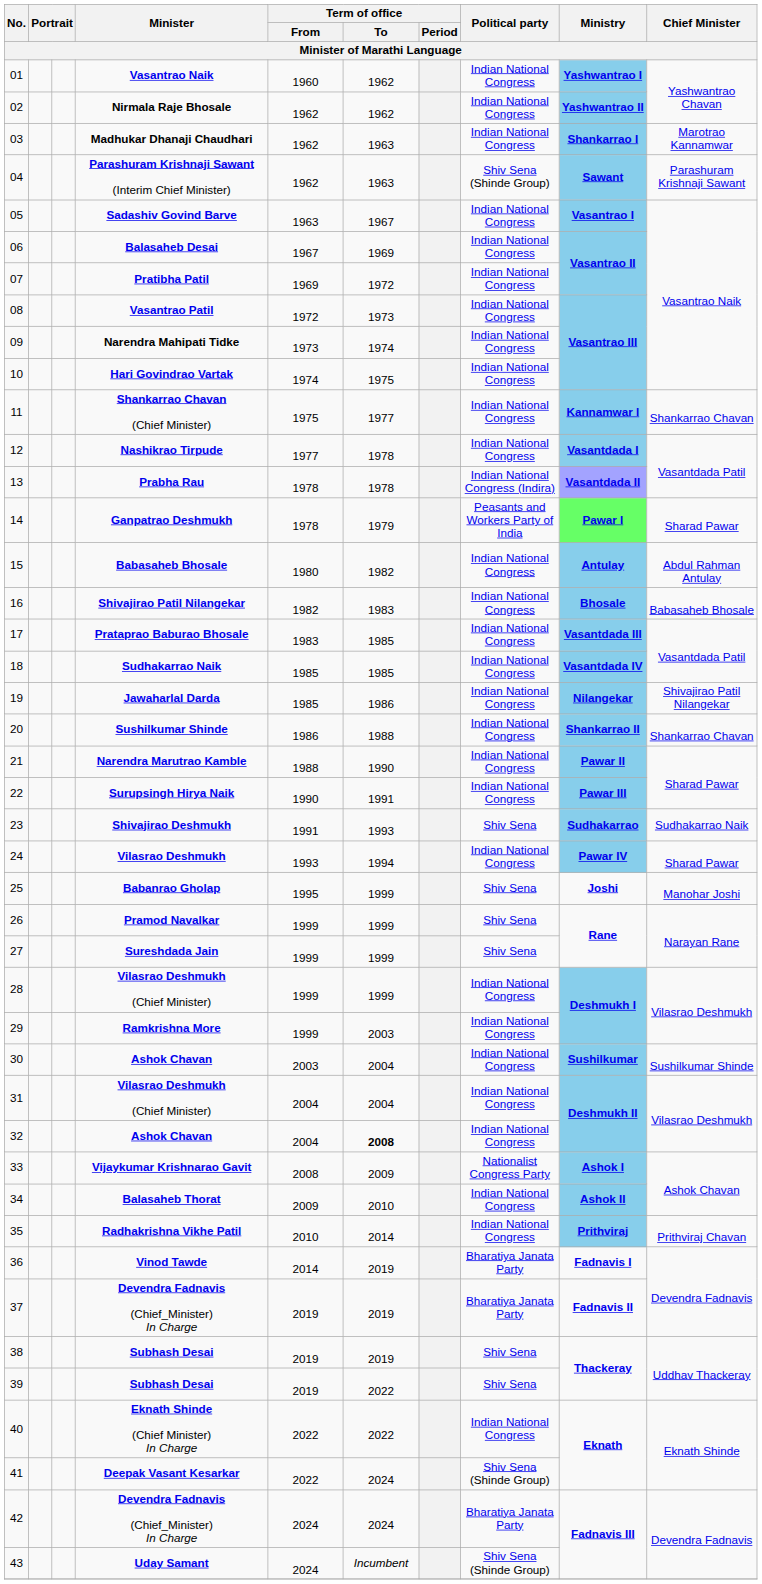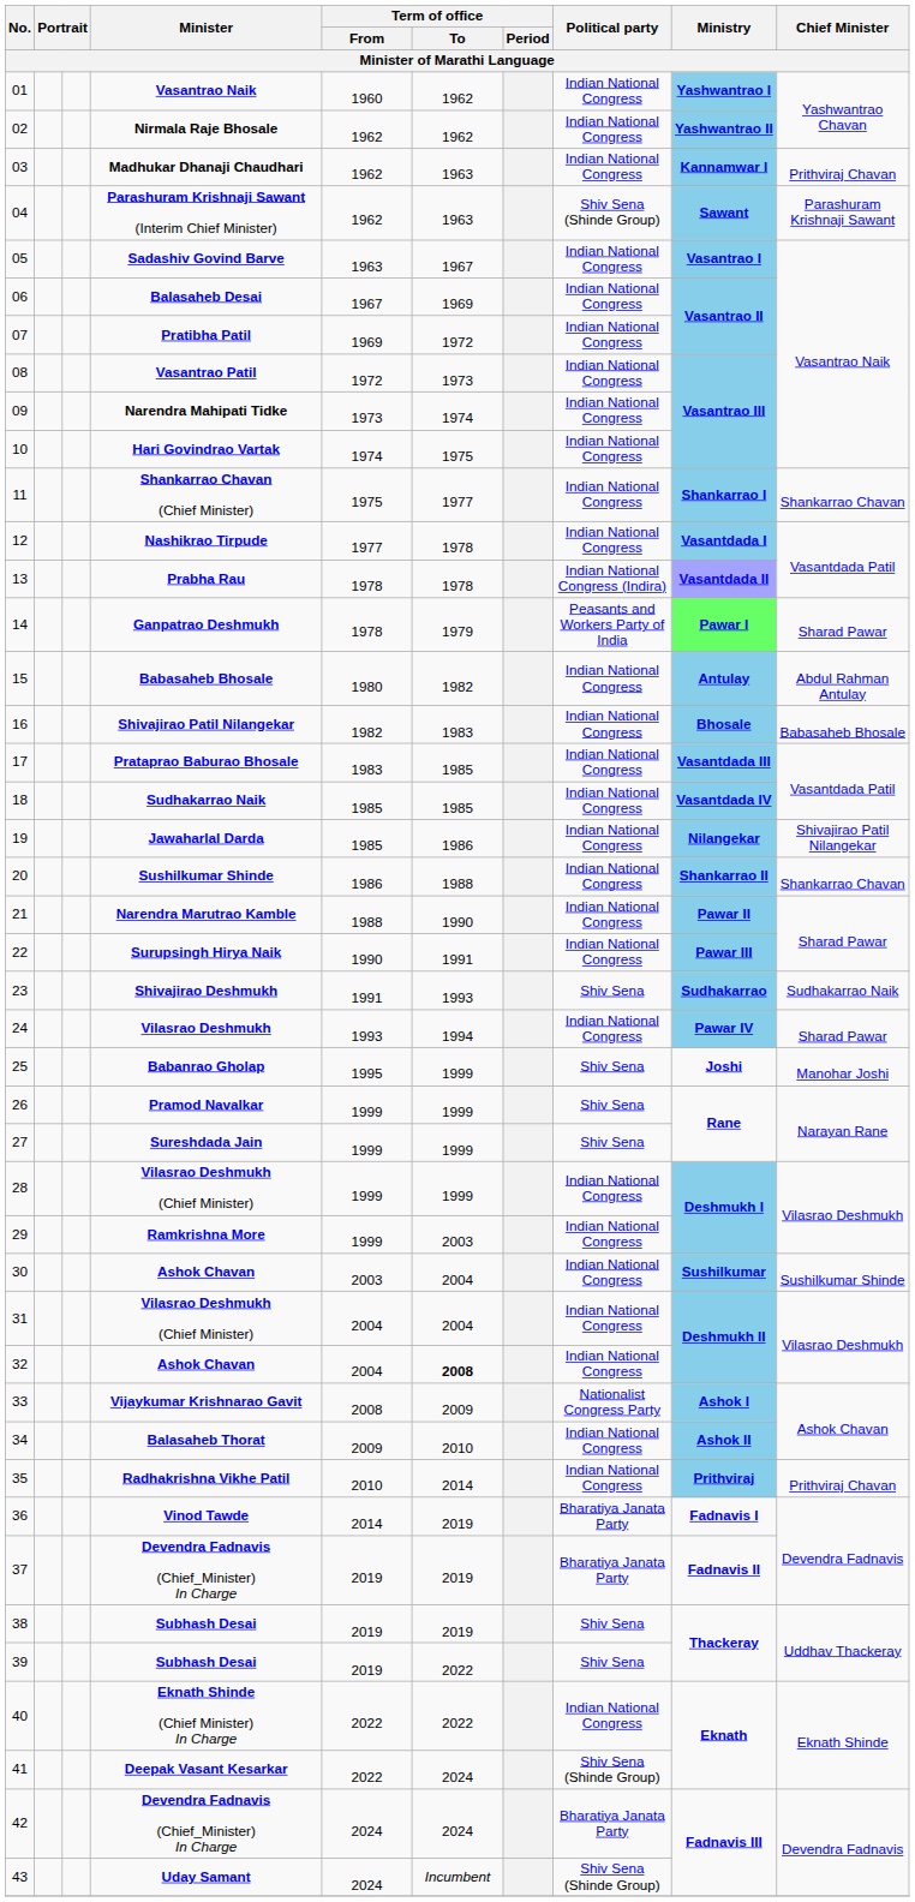 <table class="wikitable" style="text-align:center">
 <tr>
 <th rowspan="2">No.</th>
 <th rowspan="2" colspan="2">Portrait</th>
 <th rowspan="2" style="width:16em">Minister<br></th>
 <th colspan="3">Term of office</th>
 <th rowspan="2" style="width:8em">Political party</th>
 <th rowspan="2">Ministry</th>
 <th rowspan="2" style="width:9em">Chief Minister</th>
 </tr>
 <tr>
 <th style="width:6em">From</th>
 <th style="width:6em">To</th>
 <th>Period</th>
 </tr>
 <tr>
 <th colspan="10">Minister of Marathi Language</th>
 </tr>
 <tr>
 <td>01</td>
 <td></td>
 <td></td>
 <td><strong><a href='#'>Vasantrao Naik</a></strong> <br> </td>
 <td><br>1960</td>
 <td><br>1962</td>
 <th></th>
 <td><a href='#'>Indian National Congress</a></td>
 <td bgcolor="#87CEEB"><a href='#'><strong>Yashwantrao I</strong></a></td>
 <td rowspan="2"> <br><a href='#'>Yashwantrao Chavan</a></td>
 </tr>
 <tr>
 <td>02</td>
 <td></td>
 <td></td>
 <td><strong>Nirmala Raje Bhosale</strong>  <br> </td>
 <td><br>1962</td>
 <td><br>1962</td>
 <th></th>
 <td><a href='#'>Indian National Congress</a></td>
 <td bgcolor="#87CEEB"><a href='#'><strong>Yashwantrao II</strong></a></td>
 </tr>
 <tr>
 <td>03</td>
 <td></td>
 <td></td>
 <td><strong>Madhukar Dhanaji Chaudhari</strong> <br> </td>
 <td><br>1962</td>
 <td><br>1963</td>
 <th></th>
 <td><a href='#'>Indian National Congress</a></td>
-<td rowspan="1" bgcolor="#87CEEB"><a href='#'><strong>Shankarrao I</strong></a></td>
-<td><a href='#'>Marotrao Kannamwar</a></td>
+<td bgcolor="#87CEEB"><a href='#'><strong>Kannamwar l</strong></a></td>
+<td rowspan="1"><br><a href='#'>Prithviraj Chavan</a></td>
 </tr>
 <tr>
 <td>04</td>
 <td></td>
 <td></td>
 <td><strong><a href='#'>Parashuram Krishnaji Sawant</a></strong> <br>  <br>(Interim Chief Minister)</td>
 <td><br>1962</td>
 <td><br>1963</td>
 <th></th>
 <td><a href='#'>Shiv Sena</a> (Shinde Group)</td>
 <td bgcolor="#87CEEB"><a href='#'><strong>Sawant</strong></a></td>
 <td><a href='#'>Parashuram Krishnaji Sawant</a></td>
 </tr>
 <tr>
 <td>05</td>
 <td></td>
 <td></td>
 <td><strong><a href='#'>Sadashiv Govind Barve</a></strong> <br> </td>
 <td><br>1963</td>
 <td><br>1967</td>
 <th></th>
 <td><a href='#'>Indian National Congress</a></td>
 <td bgcolor="#87CEEB"><a href='#'><strong>Vasantrao I</strong></a></td>
 <td rowspan="6"><br><a href='#'>Vasantrao Naik</a></td>
 </tr>
 <tr>
 <td>06</td>
 <td></td>
 <td></td>
 <td><strong><a href='#'>Balasaheb Desai</a></strong>  <br> </td>
 <td><br>1967</td>
 <td><br>1969</td>
 <th></th>
 <td><a href='#'>Indian National Congress</a></td>
 <td rowspan="2" bgcolor="#87CEEB"><a href='#'><strong>Vasantrao II</strong></a></td>
 </tr>
 <tr>
 <td>07</td>
 <td></td>
 <td></td>
 <td><strong><a href='#'>Pratibha Patil</a></strong>  <br> </td>
 <td><br>1969</td>
 <td><br>1972</td>
 <th></th>
 <td><a href='#'>Indian National Congress</a></td>
 </tr>
 <tr>
 <td>08</td>
 <td></td>
 <td></td>
 <td><strong><a href='#'>Vasantrao Patil</a></strong> <br> </td>
 <td><br>1972</td>
 <td><br>1973</td>
 <th></th>
 <td><a href='#'>Indian National Congress</a></td>
 <td rowspan="3" bgcolor="#87CEEB"><a href='#'><strong>Vasantrao III</strong></a></td>
 </tr>
 <tr>
 <td>09</td>
 <td></td>
 <td></td>
 <td><strong>Narendra Mahipati Tidke</strong> <br> </td>
 <td><br>1973</td>
 <td><br>1974</td>
 <th></th>
 <td><a href='#'>Indian National Congress</a></td>
 </tr>
 <tr>
 <td>10</td>
 <td></td>
 <td></td>
 <td><strong><a href='#'>Hari Govindrao Vartak</a></strong> <br> </td>
 <td><br>1974</td>
 <td><br>1975</td>
 <th></th>
 <td><a href='#'>Indian National Congress</a></td>
 </tr>
 <tr>
 <td>11</td>
 <td></td>
 <td></td>
 <td><strong><a href='#'>Shankarrao Chavan</a></strong>  <br> <br> (Chief Minister)</td>
 <td><br>1975</td>
 <td><br>1977</td>
 <th></th>
 <td><a href='#'>Indian National Congress</a></td>
-<td bgcolor="#87CEEB"><a href='#'><strong>Kannamwar l</strong></a></td>
+<td rowspan="1" bgcolor="#87CEEB"><a href='#'><strong>Shankarrao I</strong></a></td>
 <td rowspan="1"><br><a href='#'>Shankarrao Chavan</a></td>
 </tr>
 <tr>
 <td>12</td>
 <td></td>
 <td></td>
 <td><strong><a href='#'>Nashikrao Tirpude</a></strong> <br> </td>
 <td><br>1977</td>
 <td><br>1978</td>
 <th></th>
 <td><a href='#'>Indian National Congress</a></td>
 <td rowspan="1" bgcolor="#88CEEB"><a href='#'><strong>Vasantdada I</strong></a></td>
 <td rowspan="2"><br><a href='#'>Vasantdada Patil</a></td>
 </tr>
 <tr>
 <td>13</td>
 <td></td>
 <td></td>
 <td><strong><a href='#'>Prabha Rau</a></strong> <br> </td>
 <td><br>1978</td>
 <td><br>1978</td>
 <th></th>
 <td><a href='#'>Indian National Congress (Indira)</a></td>
 <td rowspan="1" bgcolor="#A3A3FF"><a href='#'><strong>Vasantdada II</strong></a></td>
 </tr>
 <tr>
 <td>14</td>
 <td></td>
 <td></td>
 <td><strong><a href='#'>Ganpatrao Deshmukh</a></strong>  <br> </td>
 <td><br>1978</td>
 <td><br>1979</td>
 <th></th>
 <td><a href='#'>Peasants and Workers Party of India</a></td>
 <td rowspan="1" bgcolor="#66FF66"><a href='#'><strong>Pawar I</strong></a></td>
 <td rowspan="1"><br><a href='#'>Sharad Pawar</a></td>
 </tr>
 <tr>
 <td>15</td>
 <td></td>
 <td></td>
 <td><strong><a href='#'>Babasaheb Bhosale</a></strong> <br> </td>
 <td><br>1980</td>
 <td><br>1982</td>
 <th></th>
 <td><a href='#'>Indian National Congress</a></td>
 <td rowspan="1" bgcolor="#87CEEB"><a href='#'><strong>Antulay</strong></a></td>
 <td rowspan="1"> <br><a href='#'>Abdul Rahman Antulay</a></td>
 </tr>
 <tr>
 <td>16</td>
 <td></td>
 <td></td>
 <td><strong><a href='#'>Shivajirao Patil Nilangekar</a></strong> <br> </td>
 <td><br>1982</td>
 <td><br>1983</td>
 <th></th>
 <td><a href='#'>Indian National Congress</a></td>
 <td rowspan="1" bgcolor="#87CEEB"><a href='#'><strong>Bhosale</strong></a></td>
 <td rowspan="1"> <br><a href='#'>Babasaheb Bhosale</a></td>
 </tr>
 <tr>
 <td>17</td>
 <td></td>
 <td></td>
 <td><strong><a href='#'>Prataprao Baburao Bhosale</a></strong> <br> </td>
 <td><br>1983</td>
 <td><br>1985</td>
 <th></th>
 <td><a href='#'>Indian National Congress</a></td>
 <td rowspan="1" bgcolor="#87CEEB"><a href='#'><strong>Vasantdada III</strong></a></td>
 <td rowspan="2"><br><a href='#'>Vasantdada Patil</a></td>
 </tr>
 <tr>
 <td>18</td>
 <td></td>
 <td></td>
 <td><strong><a href='#'>Sudhakarrao Naik</a></strong> <br> </td>
 <td><br>1985</td>
 <td><br>1985</td>
 <th></th>
 <td><a href='#'>Indian National Congress</a></td>
 <td rowspan="1" bgcolor="#87CEEB"><a href='#'><strong>Vasantdada IV</strong></a></td>
 </tr>
 <tr>
 <td>19</td>
 <td></td>
 <td></td>
 <td><strong><a href='#'>Jawaharlal Darda</a></strong> <br> </td>
 <td><br>1985</td>
 <td><br>1986</td>
 <th></th>
 <td><a href='#'>Indian National Congress</a></td>
 <td rowspan="1" bgcolor="#87CEEB"><a href='#'><strong>Nilangekar</strong></a></td>
 <td rowspan="1"><a href='#'>Shivajirao Patil Nilangekar</a></td>
 </tr>
 <tr>
 <td>20</td>
 <td></td>
 <td></td>
 <td><strong><a href='#'>Sushilkumar Shinde</a></strong> <br> </td>
 <td><br>1986</td>
 <td><br>1988</td>
 <th></th>
 <td><a href='#'>Indian National Congress</a></td>
 <td rowspan="1"bgcolor="#87CEEB"><a href='#'><strong>Shankarrao II</strong></a></td>
 <td rowspan="1"> <br><a href='#'>Shankarrao Chavan</a></td>
 </tr>
 <tr>
 <td>21</td>
 <td></td>
 <td></td>
 <td><strong><a href='#'>Narendra Marutrao Kamble</a></strong> <br> </td>
 <td><br>1988</td>
 <td><br>1990</td>
 <th></th>
 <td><a href='#'>Indian National Congress</a></td>
 <td rowspan="1" bgcolor="#87CEEB"><a href='#'><strong>Pawar II</strong></a></td>
 <td rowspan="2"> <br><a href='#'>Sharad Pawar</a></td>
 </tr>
 <tr>
 <td>22</td>
 <td></td>
 <td></td>
 <td><strong><a href='#'>Surupsingh Hirya Naik</a></strong> <br> </td>
 <td><br>1990</td>
 <td><br>1991</td>
 <th></th>
 <td><a href='#'>Indian National Congress</a></td>
 <td rowspan="1" bgcolor="#87CEEB"><a href='#'><strong>Pawar III</strong></a></td>
 </tr>
 <tr>
 <td>23</td>
 <td></td>
 <td></td>
 <td><strong><a href='#'>Shivajirao Deshmukh</a></strong> <br> </td>
 <td><br>1991</td>
 <td><br>1993</td>
 <th></th>
 <td><a href='#'>Shiv Sena</a></td>
 <td rowspan="1" bgcolor="#87CEEB"><a href='#'><strong>Sudhakarrao</strong></a></td>
 <td rowspan="1"><a href='#'>Sudhakarrao Naik</a></td>
 </tr>
 <tr>
 <td>24</td>
 <td></td>
 <td></td>
 <td><strong><a href='#'>Vilasrao Deshmukh</a></strong> <br> </td>
 <td><br>1993</td>
 <td><br>1994</td>
 <th></th>
 <td><a href='#'>Indian National Congress</a></td>
 <td rowspan="1" bgcolor="#87CEEB"><a href='#'><strong>Pawar IV</strong></a></td>
 <td rowspan="1"> <br><a href='#'>Sharad Pawar</a></td>
 </tr>
 <tr>
 <td>25</td>
 <td></td>
 <td></td>
 <td><strong><a href='#'>Babanrao Gholap</a></strong> <br> </td>
 <td><br>1995</td>
 <td><br>1999</td>
 <th></th>
 <td><a href='#'>Shiv Sena</a></td>
 <td rowspan="1"><a href='#'><strong>Joshi</strong></a></td>
 <td rowspan="1"> <br><a href='#'>Manohar Joshi</a></td>
 </tr>
 <tr>
 <td>26</td>
 <td></td>
 <td></td>
 <td><strong><a href='#'>Pramod Navalkar</a></strong> <br> </td>
 <td><br>1999</td>
 <td><br>1999</td>
 <th></th>
 <td><a href='#'>Shiv Sena</a></td>
 <td rowspan="2"><a href='#'><strong>Rane</strong></a></td>
 <td rowspan="2"> <br><a href='#'>Narayan Rane</a></td>
 </tr>
 <tr>
 <td>27</td>
 <td></td>
 <td></td>
 <td><strong><a href='#'>Sureshdada Jain</a></strong>  <br> </td>
 <td><br>1999</td>
 <td><br>1999</td>
 <th></th>
 <td><a href='#'>Shiv Sena</a></td>
 </tr>
 <tr>
 <td>28</td>
 <td></td>
 <td></td>
 <td><strong><a href='#'>Vilasrao Deshmukh</a></strong> <br> <br> (Chief Minister)</td>
 <td><br>1999</td>
 <td><br>1999</td>
 <th></th>
 <td><a href='#'>Indian National Congress</a></td>
 <td rowspan="2" bgcolor="#87CEEB"><a href='#'><strong>Deshmukh I</strong></a></td>
 <td rowspan="2"> <br><a href='#'>Vilasrao Deshmukh</a></td>
 </tr>
 <tr>
 <td>29</td>
 <td></td>
 <td></td>
 <td><strong><a href='#'>Ramkrishna More</a></strong> <br> </td>
 <td><br>1999</td>
 <td><br>2003</td>
 <th></th>
 <td><a href='#'>Indian National Congress</a></td>
 </tr>
 <tr>
 <td>30</td>
 <td></td>
 <td></td>
 <td><strong><a href='#'>Ashok Chavan</a></strong> <br> </td>
 <td><br>2003</td>
 <td><br>2004</td>
 <th></th>
 <td><a href='#'>Indian National Congress</a></td>
 <td rowspan="1" bgcolor="#87CEEB"><a href='#'><strong>Sushilkumar</strong></a></td>
 <td rowspan="1"> <br><a href='#'>Sushilkumar Shinde</a></td>
 </tr>
 <tr>
 <td>31</td>
 <td></td>
 <td></td>
 <td><strong><a href='#'>Vilasrao Deshmukh</a></strong>  <br> <br> (Chief Minister)</td>
 <td><br>2004</td>
 <td><br>2004</td>
 <th></th>
 <td><a href='#'>Indian National Congress</a></td>
 <td rowspan="2" bgcolor="#87CEEB"><a href='#'><strong>Deshmukh II</strong></a></td>
 <td rowspan="2"> <br><a href='#'>Vilasrao Deshmukh</a></td>
 </tr>
 <tr>
 <td>32</td>
 <td></td>
 <td></td>
 <td><strong><a href='#'>Ashok Chavan</a></strong> <br> </td>
 <td><br>2004</td>
 <td><strong><br>2008</strong></td>
 <th></th>
 <td><a href='#'>Indian National Congress</a></td>
 </tr>
 <tr>
 <td>33</td>
 <td></td>
 <td></td>
 <td><strong><a href='#'>Vijaykumar Krishnarao Gavit</a></strong> <br> </td>
 <td><br>2008</td>
 <td><br>2009</td>
 <th></th>
 <td><a href='#'>Nationalist Congress Party</a></td>
 <td rowspan="1" bgcolor="#87CEEB"><a href='#'><strong>Ashok I</strong></a></td>
 <td rowspan="2"><br><a href='#'>Ashok Chavan</a></td>
 </tr>
 <tr>
 <td>34</td>
 <td></td>
 <td></td>
 <td><strong><a href='#'>Balasaheb Thorat</a></strong>  <br> </td>
 <td><br>2009</td>
 <td><br>2010</td>
 <th></th>
 <td><a href='#'>Indian National Congress</a></td>
 <td rowspan="1"bgcolor="#87CEEB"><a href='#'><strong>Ashok II</strong></a></td>
 </tr>
 <tr>
 <td>35</td>
 <td></td>
 <td></td>
 <td><strong><a href='#'>Radhakrishna Vikhe Patil</a></strong> <br> </td>
 <td><br>2010</td>
 <td><br>2014</td>
 <th></th>
 <td><a href='#'>Indian National Congress</a></td>
 <td rowspan="1" bgcolor="#87CEEB"><a href='#'><strong>Prithviraj</strong></a></td>
 <td rowspan="1"><br><a href='#'>Prithviraj Chavan</a></td>
 </tr>
 <tr>
 <td>36</td>
 <td></td>
 <td></td>
 <td><strong><a href='#'>Vinod Tawde</a></strong>  <br> </td>
 <td><br>2014</td>
 <td><br>2019</td>
 <th></th>
 <td rowspan="1"><a href='#'>Bharatiya Janata Party</a></td>
 <td rowspan="1"><a href='#'><strong>Fadnavis I</strong></a></td>
 <td rowspan="2"> <br><a href='#'>Devendra Fadnavis</a></td>
 </tr>
 <tr>
 <td>37</td>
 <td></td>
 <td></td>
 <td><strong><a href='#'>Devendra Fadnavis</a></strong>  <br> <br>(Chief_Minister) <br><em>In Charge</em></td>
 <td><br>2019</td>
 <td><br>2019</td>
 <th></th>
 <td><a href='#'>Bharatiya Janata Party</a></td>
 <td rowspan="1"><a href='#'><strong>Fadnavis II</strong></a></td>
 </tr>
 <tr>
 <td>38</td>
 <td></td>
 <td></td>
 <td><strong><a href='#'>Subhash Desai</a></strong> <br> </td>
 <td><br>2019</td>
 <td><br>2019</td>
 <th></th>
 <td><a href='#'>Shiv Sena</a></td>
 <td rowspan="2"><a href='#'><strong>Thackeray</strong></a></td>
 <td rowspan="2"> <br><a href='#'>Uddhav Thackeray</a></td>
 </tr>
 <tr>
 <td>39</td>
 <td></td>
 <td></td>
 <td><strong><a href='#'>Subhash Desai</a></strong> <br> </td>
 <td><br>2019</td>
 <td><br>2022</td>
 <th></th>
 <td><a href='#'>Shiv Sena</a></td>
 </tr>
 <tr>
 <td>40</td>
 <td></td>
 <td></td>
 <td><strong><a href='#'>Eknath Shinde</a></strong> <br>  <br>(Chief Minister)<br><em>In Charge</em></td>
 <td><br>2022</td>
 <td><br>2022</td>
 <th></th>
 <td><a href='#'>Indian National Congress</a></td>
 <td rowspan="2"><a href='#'><strong>Eknath</strong></a></td>
 <td rowspan="2"> <br><a href='#'>Eknath Shinde</a></td>
 </tr>
 <tr>
 <td>41</td>
 <td></td>
 <td></td>
 <td><strong><a href='#'>Deepak Vasant Kesarkar</a></strong> <br> </td>
 <td><br>2022</td>
 <td><br>2024</td>
 <th></th>
 <td><a href='#'>Shiv Sena</a> (Shinde Group)</td>
 </tr>
 <tr>
 <td>42</td>
 <td style="color:inherit;background:"></td>
 <td></td>
 <td><strong><a href='#'>Devendra Fadnavis</a></strong>  <br> <br>(Chief_Minister) <br><em>In Charge</em></td>
 <td><br>2024</td>
 <td><br>2024</td>
 <th></th>
 <td><a href='#'>Bharatiya Janata Party</a></td>
 <td rowspan="2"><a href='#'><strong>Fadnavis III</strong></a></td>
 <td rowspan="2"> <br><a href='#'>Devendra Fadnavis</a></td>
 </tr>
 <tr>
 <td>43</td>
 <td style="color:inherit;background:"></td>
 <td></td>
 <td><strong><a href='#'>Uday Samant</a></strong> <br> </td>
 <td><br>2024</td>
 <td><em>Incumbent</em></td>
 <th></th>
 <td><a href='#'>Shiv Sena</a> (Shinde Group)</td>
 </tr>
 <tr>
 </tr>
 </table>
